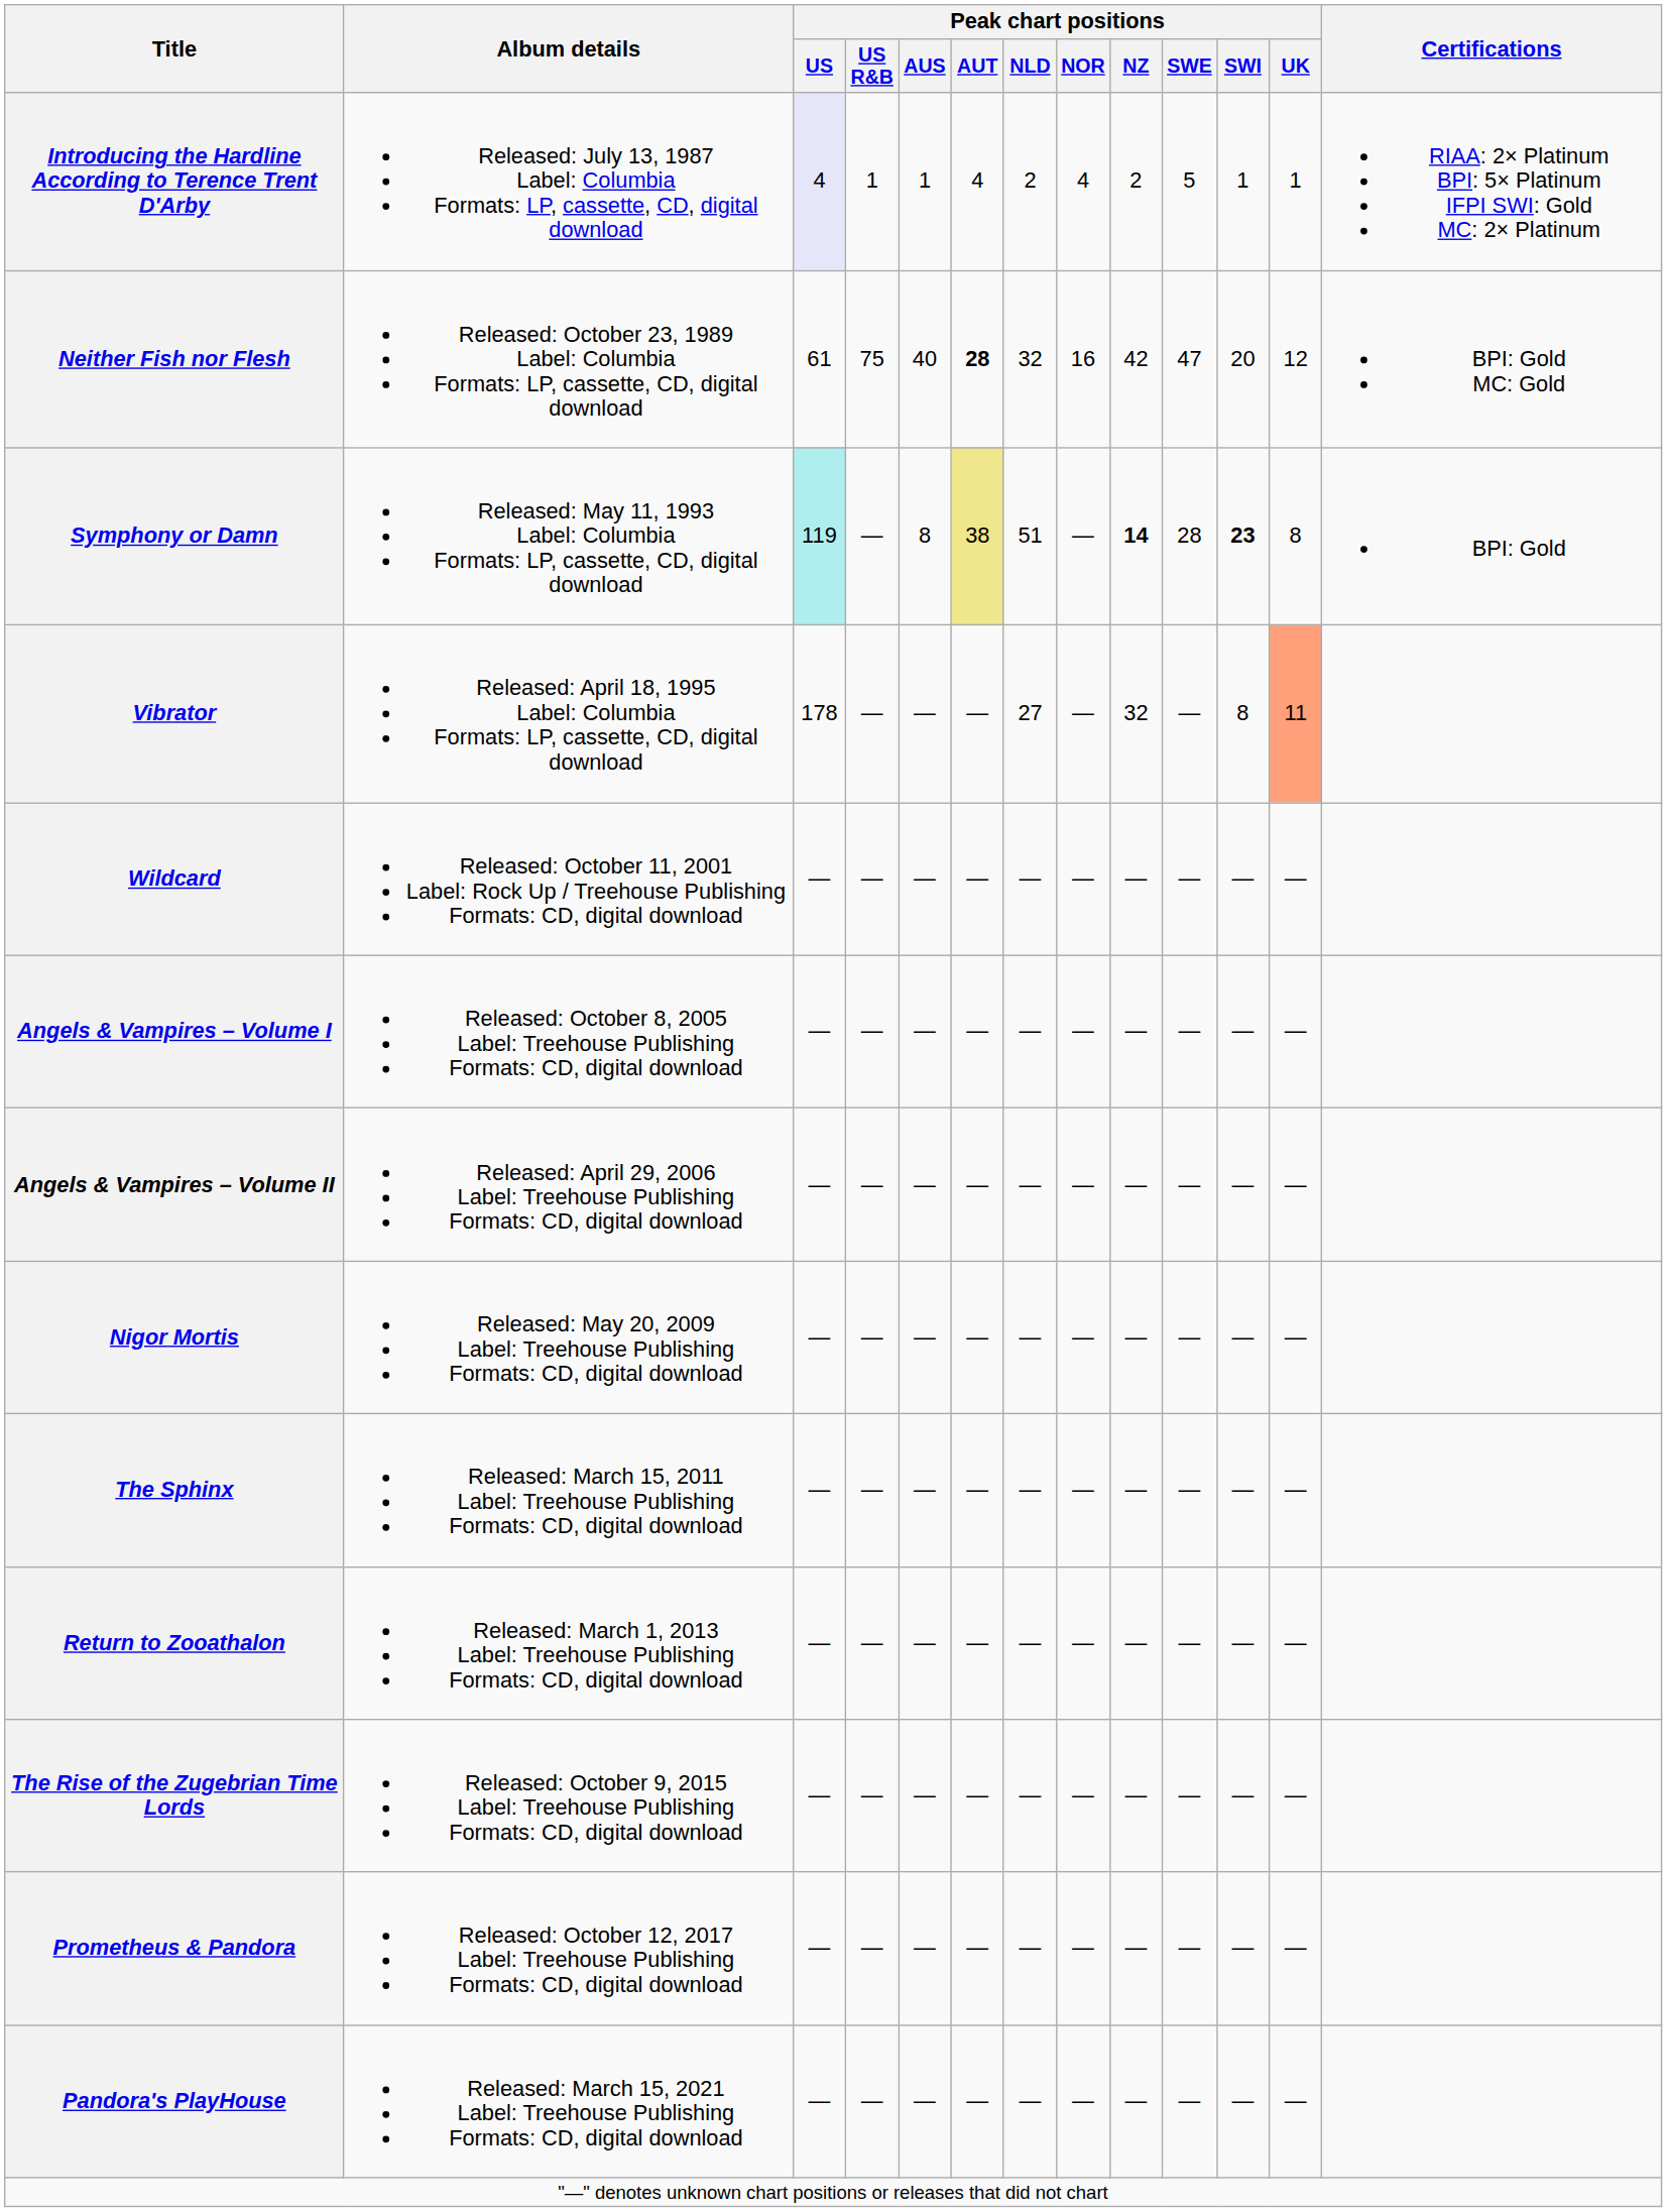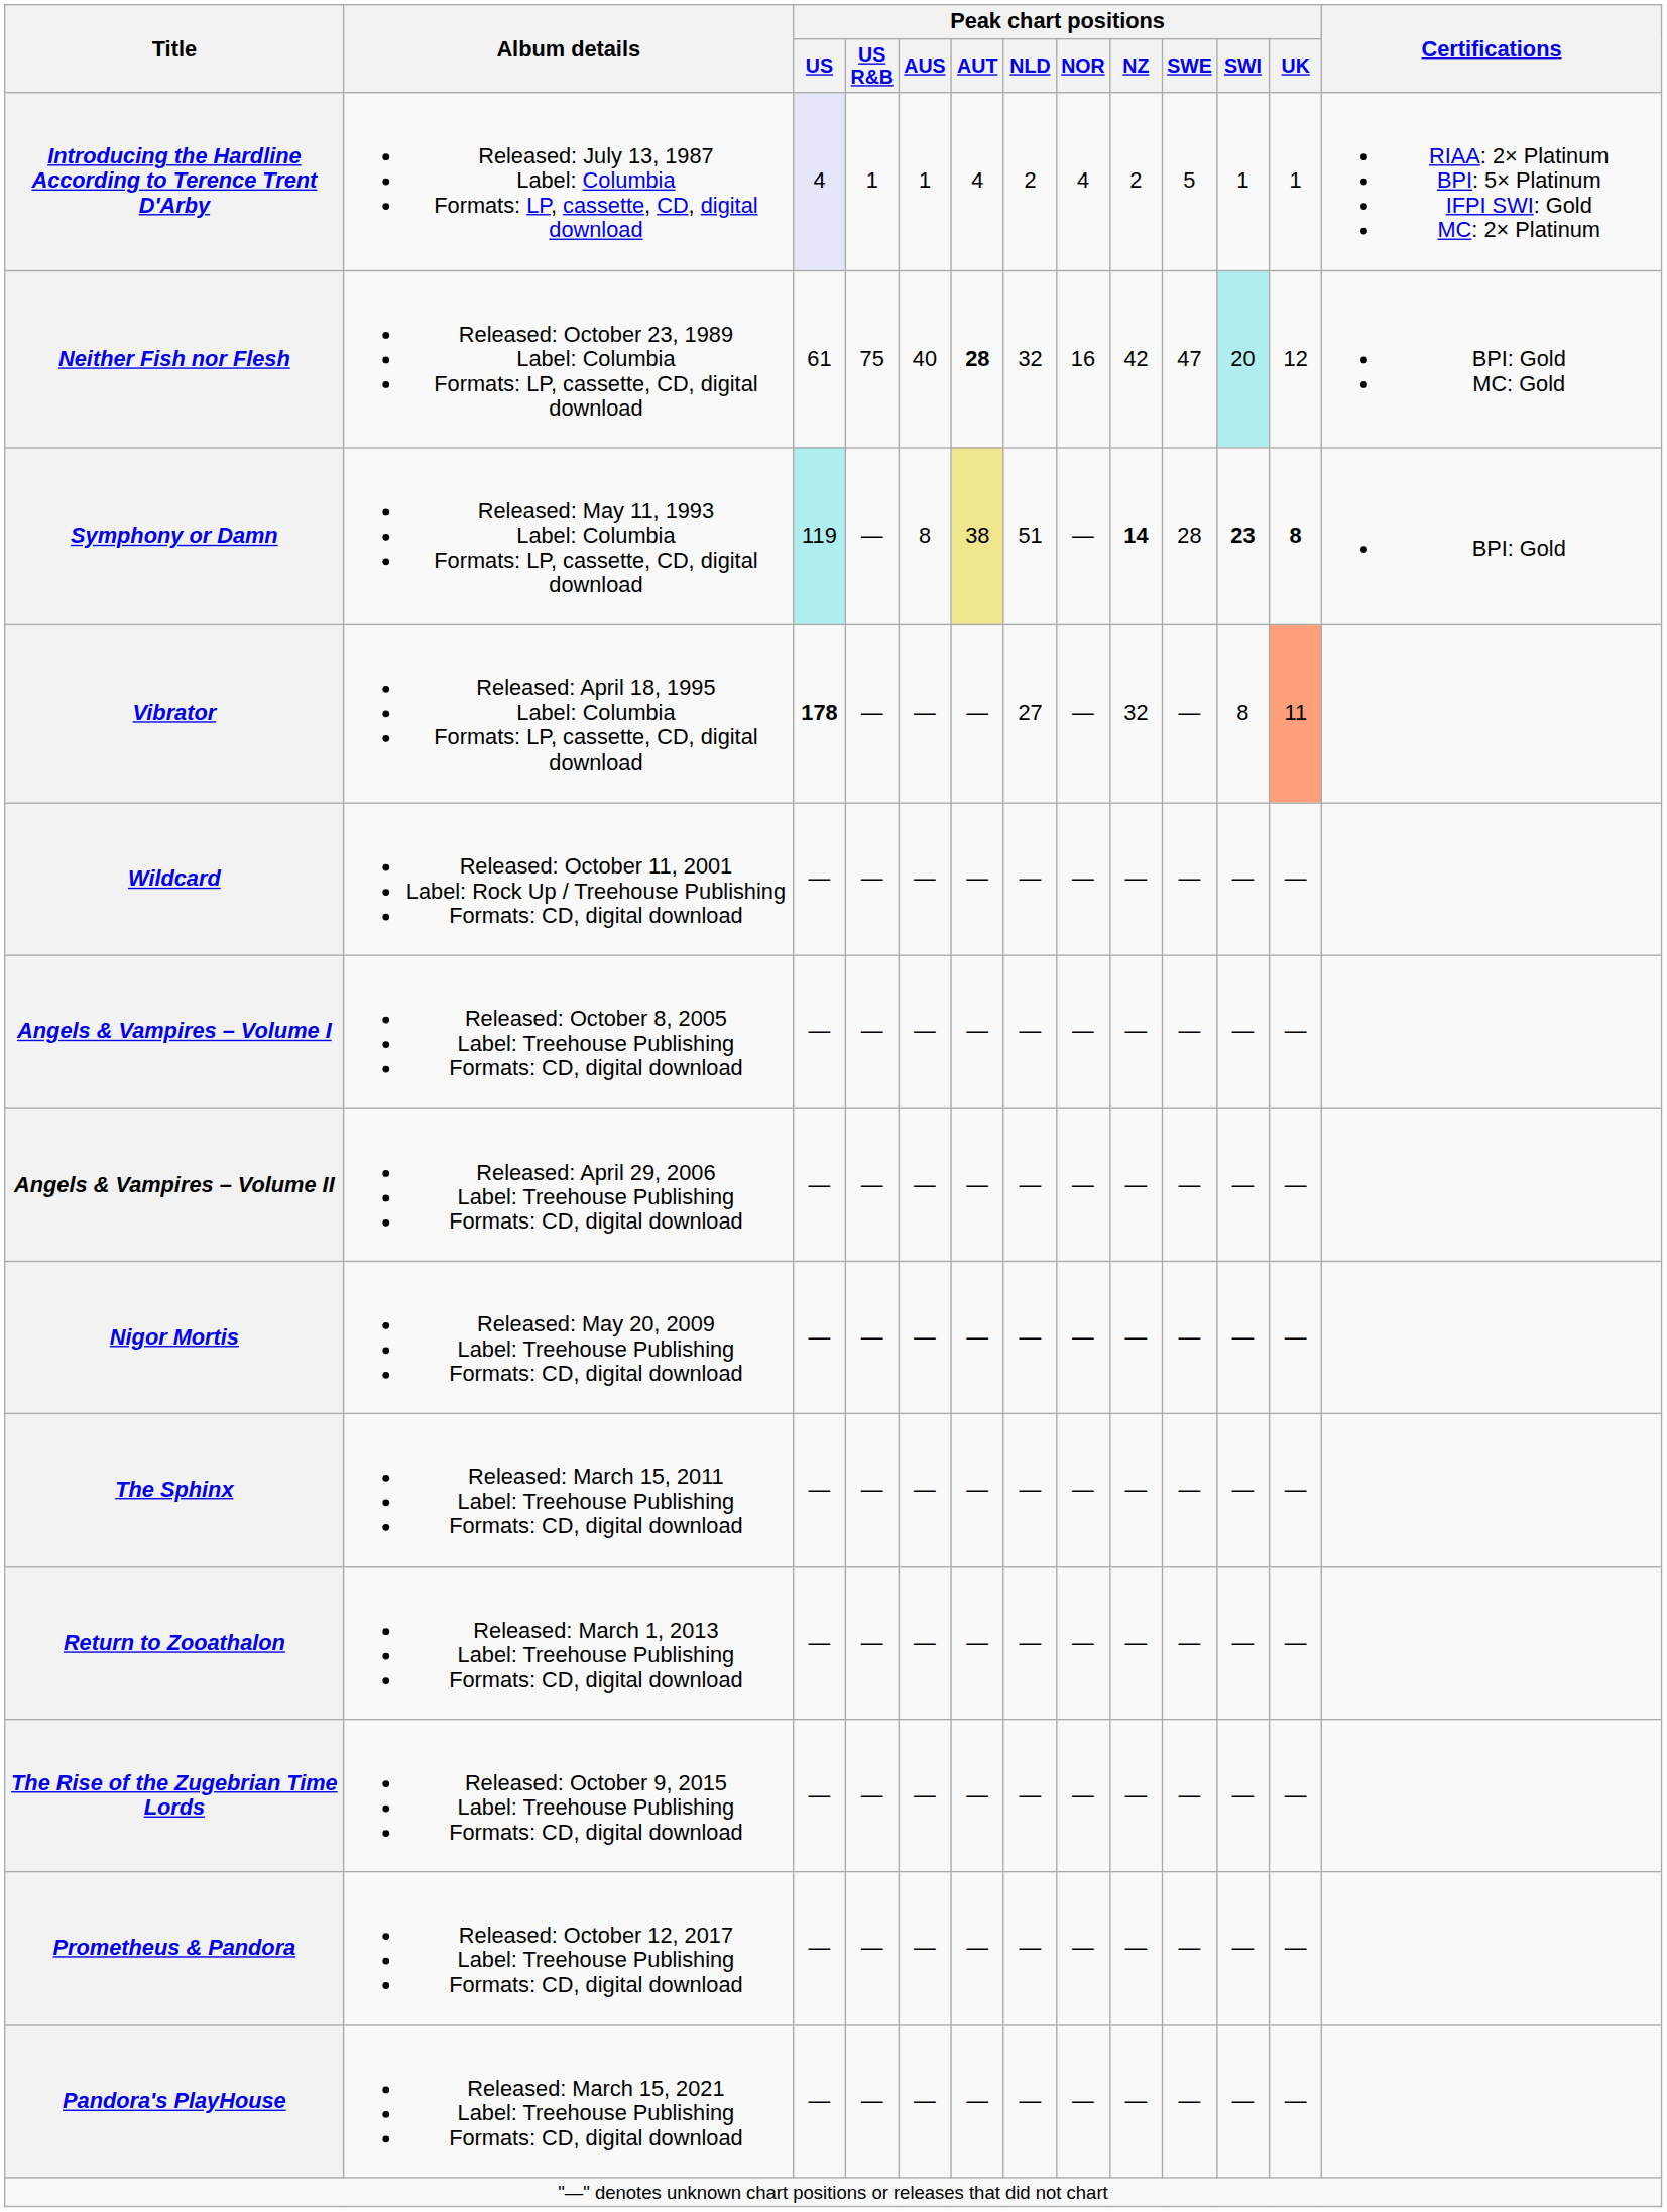 <table class="wikitable plainrowheaders" style="text-align:center;" border="1">
 <tr>
 <th scope="col" rowspan="2" style="width:15em;">Title</th>
 <th scope="col" rowspan="2" style="width:20em;">Album details</th>
 <th scope="col" colspan="10">Peak chart positions</th>
 <th scope="col" rowspan="2" style="width:15em;"><a href='#'>Certifications</a></th>
 </tr>
 <tr>
 <th scope="col" style="width:2.2em;font-size:90%;"><a href='#'>US</a><br></th>
 <th scope="col" style="width:2.2em;font-size:90%;"><a href='#'>US<br>R&B</a><br></th>
 <th scope="col" style="width:2.2em;font-size:90%;"><a href='#'>AUS</a><br></th>
 <th scope="col" style="width:2.2em;font-size:90%;"><a href='#'>AUT</a><br></th>
 <th scope="col" style="width:2.2em;font-size:90%;"><a href='#'>NLD</a><br></th>
 <th scope="col" style="width:2.2em;font-size:90%;"><a href='#'>NOR</a><br></th>
 <th scope="col" style="width:2.2em;font-size:90%;"><a href='#'>NZ</a><br></th>
 <th scope="col" style="width:2.2em;font-size:90%;"><a href='#'>SWE</a><br></th>
 <th scope="col" style="width:2.2em;font-size:90%;"><a href='#'>SWI</a><br></th>
 <th scope="col" style="width:2.2em;font-size:90%;"><a href='#'>UK</a><br></th>
 </tr>
 <tr>
 <th scope="row"><em><a href='#'>Introducing the Hardline According to Terence Trent D'Arby</a></em></th>
 <td><br><ul><li>Released: July 13, 1987</li><li>Label: <a href='#'>Columbia</a></li><li>Formats: <a href='#'>LP</a>, <a href='#'>cassette</a>, <a href='#'>CD</a>, <a href='#'>digital download</a></li></ul></td>
 <td style="background: lavender;">4</td>
 <td>1</td>
 <td>1</td>
 <td>4</td>
 <td>2</td>
 <td>4</td>
 <td>2</td>
 <td>5</td>
 <td>1</td>
 <td>1</td>
 <td><br><ul><li><a href='#'>RIAA</a>: 2× Platinum</li><li><a href='#'>BPI</a>: 5× Platinum</li><li><a href='#'>IFPI SWI</a>: Gold</li><li><a href='#'>MC</a>: 2× Platinum</li></ul></td>
 </tr>
 <tr>
 <th scope="row"><em><a href='#'>Neither Fish nor Flesh</a></em></th>
 <td><br><ul><li>Released: October 23, 1989</li><li>Label: Columbia</li><li>Formats: LP, cassette, CD, digital download</li></ul></td>
 <td>61</td>
 <td>75</td>
 <td>40</td>
 <td><strong>28</strong></td>
 <td>32</td>
 <td>16</td>
 <td>42</td>
 <td>47</td>
-<td>20</td>
+<td style="background: paleturquoise;">20</td>
 <td>12</td>
 <td><br><ul><li>BPI: Gold</li><li>MC: Gold</li></ul></td>
 </tr>
 <tr>
 <th scope="row"><em><a href='#'>Symphony or Damn</a></em></th>
 <td><br><ul><li>Released: May 11, 1993</li><li>Label: Columbia</li><li>Formats: LP, cassette, CD, digital download</li></ul></td>
 <td style="background: paleturquoise;">119</td>
 <td>—</td>
 <td>8</td>
 <td style="background: khaki;">38</td>
 <td>51</td>
 <td>—</td>
 <td><strong>14</strong></td>
 <td>28</td>
 <td><strong>23</strong></td>
-<td>8</td>
+<td><strong>8</strong></td>
 <td><br><ul><li>BPI: Gold</li></ul></td>
 </tr>
 <tr>
 <th scope="row"><em><a href='#'>Vibrator</a></em></th>
 <td><br><ul><li>Released: April 18, 1995</li><li>Label: Columbia</li><li>Formats: LP, cassette, CD, digital download</li></ul></td>
-<td>178</td>
+<td><strong>178</strong></td>
 <td>—</td>
 <td>—</td>
 <td>—</td>
 <td>27</td>
 <td>—</td>
 <td>32</td>
 <td>—</td>
 <td>8</td>
 <td style="background: lightsalmon;">11</td>
 <td></td>
 </tr>
 <tr>
 <th scope="row"><em><a href='#'>Wildcard</a></em></th>
 <td><br><ul><li>Released: October 11, 2001</li><li>Label: Rock Up / Treehouse Publishing</li><li>Formats: CD, digital download</li></ul></td>
 <td>—</td>
 <td>—</td>
 <td>—</td>
 <td>—</td>
 <td>—</td>
 <td>—</td>
 <td>—</td>
 <td>—</td>
 <td>—</td>
 <td>—</td>
 <td></td>
 </tr>
 <tr>
 <th scope="row"><em><a href='#'>Angels & Vampires – Volume I</a></em></th>
 <td><br><ul><li>Released: October 8, 2005</li><li>Label: Treehouse Publishing</li><li>Formats: CD, digital download</li></ul></td>
 <td>—</td>
 <td>—</td>
 <td>—</td>
 <td>—</td>
 <td>—</td>
 <td>—</td>
 <td>—</td>
 <td>—</td>
 <td>—</td>
 <td>—</td>
 <td></td>
 </tr>
 <tr>
 <th scope="row"><em>Angels & Vampires – Volume II</em></th>
 <td><br><ul><li>Released: April 29, 2006</li><li>Label: Treehouse Publishing</li><li>Formats: CD, digital download</li></ul></td>
 <td>—</td>
 <td>—</td>
 <td>—</td>
 <td>—</td>
 <td>—</td>
 <td>—</td>
 <td>—</td>
 <td>—</td>
 <td>—</td>
 <td>—</td>
 <td></td>
 </tr>
 <tr>
 <th scope="row"><em><a href='#'>Nigor Mortis</a></em></th>
 <td><br><ul><li>Released: May 20, 2009</li><li>Label: Treehouse Publishing</li><li>Formats: CD, digital download</li></ul></td>
 <td>—</td>
 <td>—</td>
 <td>—</td>
 <td>—</td>
 <td>—</td>
 <td>—</td>
 <td>—</td>
 <td>—</td>
 <td>—</td>
 <td>—</td>
 <td></td>
 </tr>
 <tr>
 <th scope="row"><em><a href='#'>The Sphinx</a></em></th>
 <td><br><ul><li>Released: March 15, 2011</li><li>Label: Treehouse Publishing</li><li>Formats: CD, digital download</li></ul></td>
 <td>—</td>
 <td>—</td>
 <td>—</td>
 <td>—</td>
 <td>—</td>
 <td>—</td>
 <td>—</td>
 <td>—</td>
 <td>—</td>
 <td>—</td>
 <td></td>
 </tr>
 <tr>
 <th scope="row"><em><a href='#'>Return to Zooathalon</a></em></th>
 <td><br><ul><li>Released: March 1, 2013</li><li>Label: Treehouse Publishing</li><li>Formats: CD, digital download</li></ul></td>
 <td>—</td>
 <td>—</td>
 <td>—</td>
 <td>—</td>
 <td>—</td>
 <td>—</td>
 <td>—</td>
 <td>—</td>
 <td>—</td>
 <td>—</td>
 <td></td>
 </tr>
 <tr>
 <th scope="row"><em><a href='#'>The Rise of the Zugebrian Time Lords</a></em></th>
 <td><br><ul><li>Released: October 9, 2015</li><li>Label: Treehouse Publishing</li><li>Formats: CD, digital download</li></ul></td>
 <td>—</td>
 <td>—</td>
 <td>—</td>
 <td>—</td>
 <td>—</td>
 <td>—</td>
 <td>—</td>
 <td>—</td>
 <td>—</td>
 <td>—</td>
 <td></td>
 </tr>
 <tr>
 <th scope="row"><em><a href='#'>Prometheus & Pandora</a></em></th>
 <td><br><ul><li>Released: October 12, 2017</li><li>Label: Treehouse Publishing</li><li>Formats: CD, digital download</li></ul></td>
 <td>—</td>
 <td>—</td>
 <td>—</td>
 <td>—</td>
 <td>—</td>
 <td>—</td>
 <td>—</td>
 <td>—</td>
 <td>—</td>
 <td>—</td>
 <td></td>
 </tr>
 <tr>
 <th scope="row"><em><a href='#'>Pandora's PlayHouse</a></em></th>
 <td><br><ul><li>Released: March 15, 2021</li><li>Label: Treehouse Publishing</li><li>Formats: CD, digital download</li></ul></td>
 <td>—</td>
 <td>—</td>
 <td>—</td>
 <td>—</td>
 <td>—</td>
 <td>—</td>
 <td>—</td>
 <td>—</td>
 <td>—</td>
 <td>—</td>
 <td></td>
 </tr>
 <tr>
 <td colspan="20" style="font-size:85%">"—" denotes unknown chart positions or releases that did not chart</td>
 </tr>
 </table>
